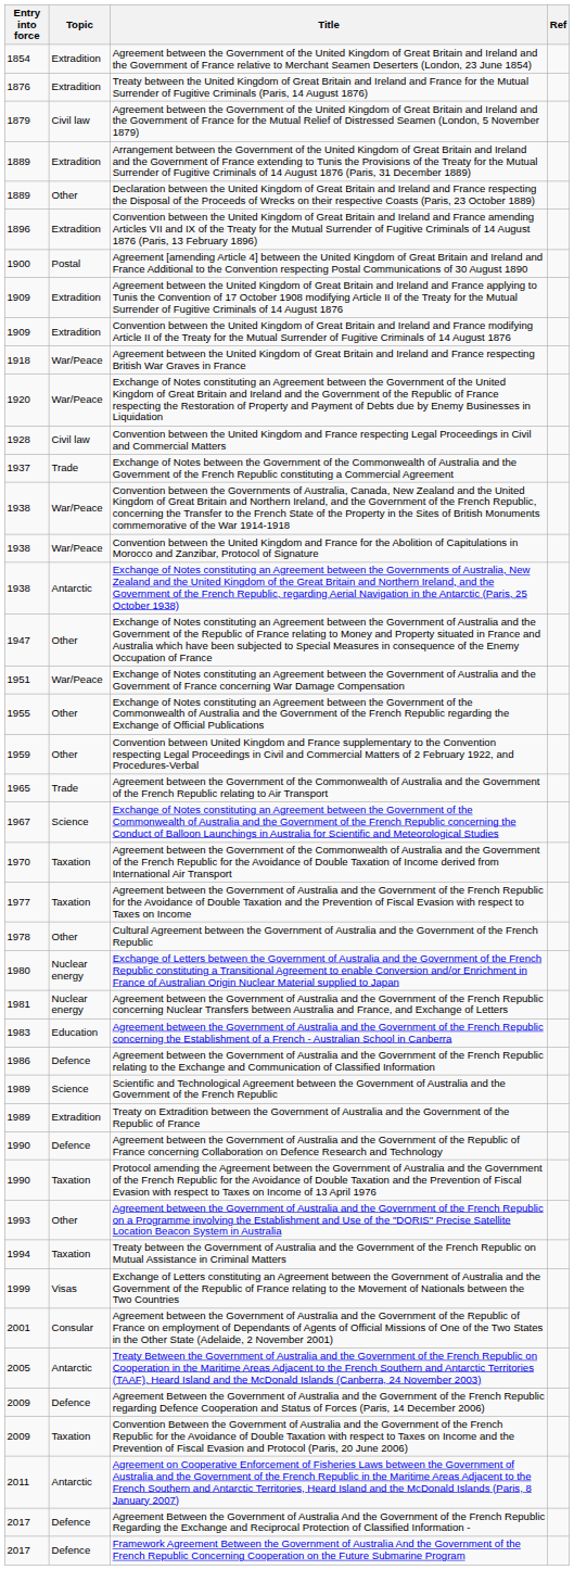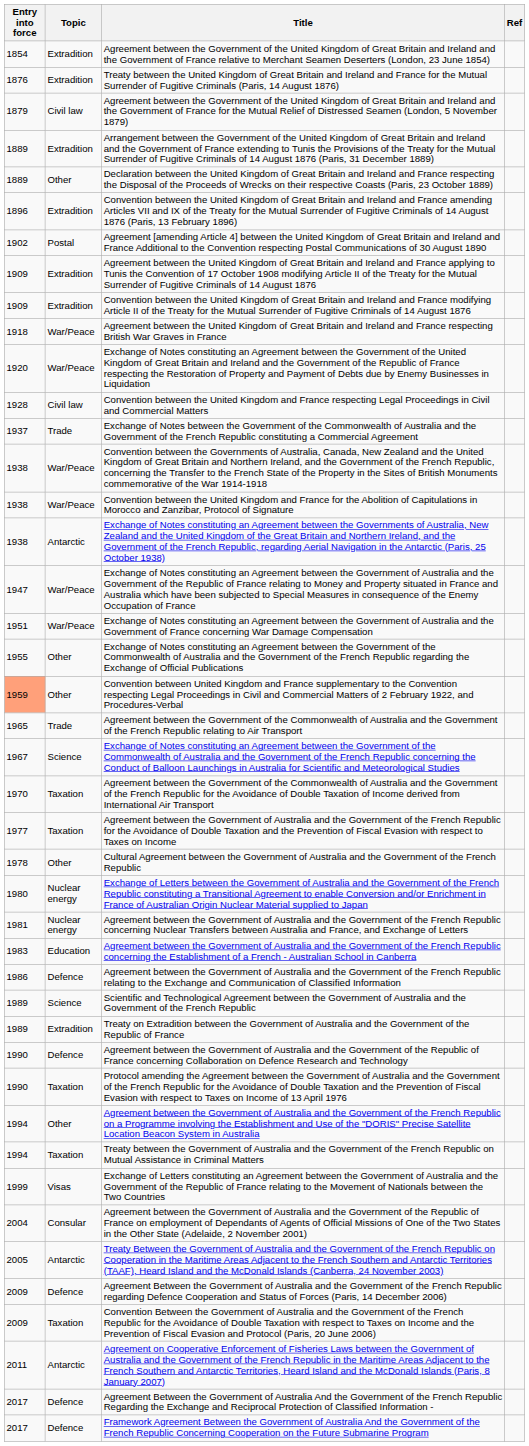 <table class="wikitable sortable">
 <tr>
 <th>Entry into force</th>
 <th>Topic</th>
 <th>Title</th>
 <th>Ref</th>
 </tr>
 <tr>
 <td>1854</td>
 <td>Extradition</td>
 <td>Agreement between the Government of the United Kingdom of Great Britain and Ireland and the Government of France relative to Merchant Seamen Deserters (London, 23 June 1854)</td>
 <td></td>
 </tr>
 <tr>
 <td>1876</td>
 <td>Extradition</td>
 <td>Treaty between the United Kingdom of Great Britain and Ireland and France for the Mutual Surrender of Fugitive Criminals (Paris, 14 August 1876)</td>
 <td></td>
 </tr>
 <tr>
 <td>1879</td>
 <td>Civil law</td>
 <td>Agreement between the Government of the United Kingdom of Great Britain and Ireland and the Government of France for the Mutual Relief of Distressed Seamen (London, 5 November 1879)</td>
 <td></td>
 </tr>
 <tr>
 <td>1889</td>
 <td>Extradition</td>
 <td>Arrangement between the Government of the United Kingdom of Great Britain and Ireland and the Government of France extending to Tunis the Provisions of the Treaty for the Mutual Surrender of Fugitive Criminals of 14 August 1876 (Paris, 31 December 1889)</td>
 <td></td>
 </tr>
 <tr>
 <td>1889</td>
 <td>Other</td>
 <td>Declaration between the United Kingdom of Great Britain and Ireland and France respecting the Disposal of the Proceeds of Wrecks on their respective Coasts (Paris, 23 October 1889)</td>
 <td></td>
 </tr>
 <tr>
 <td>1896</td>
 <td>Extradition</td>
 <td>Convention between the United Kingdom of Great Britain and Ireland and France amending Articles VII and IX of the Treaty for the Mutual Surrender of Fugitive Criminals of 14 August 1876 (Paris, 13 February 1896)</td>
 <td></td>
 </tr>
 <tr>
-<td>1900</td>
+<td>1902</td>
 <td>Postal</td>
 <td>Agreement [amending Article 4] between the United Kingdom of Great Britain and Ireland and France Additional to the Convention respecting Postal Communications of 30 August 1890</td>
 <td></td>
 </tr>
 <tr>
 <td>1909</td>
 <td>Extradition</td>
 <td>Agreement between the United Kingdom of Great Britain and Ireland and France applying to Tunis the Convention of 17 October 1908 modifying Article II of the Treaty for the Mutual Surrender of Fugitive Criminals of 14 August 1876</td>
 <td></td>
 </tr>
 <tr>
 <td>1909</td>
 <td>Extradition</td>
 <td>Convention between the United Kingdom of Great Britain and Ireland and France modifying Article II of the Treaty for the Mutual Surrender of Fugitive Criminals of 14 August 1876</td>
 <td></td>
 </tr>
 <tr>
 <td>1918</td>
 <td>War/Peace</td>
 <td>Agreement between the United Kingdom of Great Britain and Ireland and France respecting British War Graves in France</td>
 <td></td>
 </tr>
 <tr>
 <td>1920</td>
 <td>War/Peace</td>
 <td>Exchange of Notes constituting an Agreement between the Government of the United Kingdom of Great Britain and Ireland and the Government of the Republic of France respecting the Restoration of Property and Payment of Debts due by Enemy Businesses in Liquidation</td>
 <td></td>
 </tr>
 <tr>
 <td>1928</td>
 <td>Civil law</td>
 <td>Convention between the United Kingdom and France respecting Legal Proceedings in Civil and Commercial Matters</td>
 <td></td>
 </tr>
 <tr>
 <td>1937</td>
 <td>Trade</td>
 <td>Exchange of Notes between the Government of the Commonwealth of Australia and the Government of the French Republic constituting a Commercial Agreement</td>
 <td></td>
 </tr>
 <tr>
 <td>1938</td>
 <td>War/Peace</td>
 <td>Convention between the Governments of Australia, Canada, New Zealand and the United Kingdom of Great Britain and Northern Ireland, and the Government of the French Republic, concerning the Transfer to the French State of the Property in the Sites of British Monuments commemorative of the War 1914-1918</td>
 <td></td>
 </tr>
 <tr>
 <td>1938</td>
 <td>War/Peace</td>
 <td>Convention between the United Kingdom and France for the Abolition of Capitulations in Morocco and Zanzibar, Protocol of Signature</td>
 <td></td>
 </tr>
 <tr>
 <td>1938</td>
 <td>Antarctic</td>
 <td><a href='#'>Exchange of Notes constituting an Agreement between the Governments of Australia, New Zealand and the United Kingdom of the Great Britain and Northern Ireland, and the Government of the French Republic, regarding Aerial Navigation in the Antarctic (Paris, 25 October 1938)</a></td>
 <td></td>
 </tr>
 <tr>
 <td>1947</td>
-<td>Other</td>
+<td>War/Peace</td>
 <td>Exchange of Notes constituting an Agreement between the Government of Australia and the Government of the Republic of France relating to Money and Property situated in France and Australia which have been subjected to Special Measures in consequence of the Enemy Occupation of France</td>
 <td></td>
 </tr>
 <tr>
 <td>1951</td>
 <td>War/Peace</td>
 <td>Exchange of Notes constituting an Agreement between the Government of Australia and the Government of France concerning War Damage Compensation</td>
 <td></td>
 </tr>
 <tr>
 <td>1955</td>
 <td>Other</td>
 <td>Exchange of Notes constituting an Agreement between the Government of the Commonwealth of Australia and the Government of the French Republic regarding the Exchange of Official Publications</td>
 <td></td>
 </tr>
 <tr>
-<td>1959</td>
+<td style="background: lightsalmon;">1959</td>
 <td>Other</td>
 <td>Convention between United Kingdom and France supplementary to the Convention respecting Legal Proceedings in Civil and Commercial Matters of 2 February 1922, and Procedures-Verbal</td>
 <td></td>
 </tr>
 <tr>
 <td>1965</td>
 <td>Trade</td>
 <td>Agreement between the Government of the Commonwealth of Australia and the Government of the French Republic relating to Air Transport</td>
 <td></td>
 </tr>
 <tr>
 <td>1967</td>
 <td>Science</td>
 <td><a href='#'>Exchange of Notes constituting an Agreement between the Government of the Commonwealth of Australia and the Government of the French Republic concerning the Conduct of Balloon Launchings in Australia for Scientific and Meteorological Studies</a></td>
 <td></td>
 </tr>
 <tr>
 <td>1970</td>
 <td>Taxation</td>
 <td>Agreement between the Government of the Commonwealth of Australia and the Government of the French Republic for the Avoidance of Double Taxation of Income derived from International Air Transport</td>
 <td></td>
 </tr>
 <tr>
 <td>1977</td>
 <td>Taxation</td>
 <td>Agreement between the Government of Australia and the Government of the French Republic for the Avoidance of Double Taxation and the Prevention of Fiscal Evasion with respect to Taxes on Income</td>
 <td></td>
 </tr>
 <tr>
 <td>1978</td>
 <td>Other</td>
 <td>Cultural Agreement between the Government of Australia and the Government of the French Republic</td>
 <td></td>
 </tr>
 <tr>
 <td>1980</td>
 <td>Nuclear energy</td>
 <td><a href='#'>Exchange of Letters between the Government of Australia and the Government of the French Republic constituting a Transitional Agreement to enable Conversion and/or Enrichment in France of Australian Origin Nuclear Material supplied to Japan</a></td>
 <td></td>
 </tr>
 <tr>
 <td>1981</td>
 <td>Nuclear energy</td>
 <td>Agreement between the Government of Australia and the Government of the French Republic concerning Nuclear Transfers between Australia and France, and Exchange of Letters</td>
 <td></td>
 </tr>
 <tr>
 <td>1983</td>
 <td>Education</td>
 <td><a href='#'>Agreement between the Government of Australia and the Government of the French Republic concerning the Establishment of a French - Australian School in Canberra</a></td>
 <td></td>
 </tr>
 <tr>
 <td>1986</td>
 <td>Defence</td>
 <td>Agreement between the Government of Australia and the Government of the French Republic relating to the Exchange and Communication of Classified Information</td>
 <td></td>
 </tr>
 <tr>
 <td>1989</td>
 <td>Science</td>
 <td>Scientific and Technological Agreement between the Government of Australia and the Government of the French Republic</td>
 <td></td>
 </tr>
 <tr>
 <td>1989</td>
 <td>Extradition</td>
 <td>Treaty on Extradition between the Government of Australia and the Government of the Republic of France</td>
 <td></td>
 </tr>
 <tr>
 <td>1990</td>
 <td>Defence</td>
 <td>Agreement between the Government of Australia and the Government of the Republic of France concerning Collaboration on Defence Research and Technology</td>
 <td></td>
 </tr>
 <tr>
 <td>1990</td>
 <td>Taxation</td>
 <td>Protocol amending the Agreement between the Government of Australia and the Government of the French Republic for the Avoidance of Double Taxation and the Prevention of Fiscal Evasion with respect to Taxes on Income of 13 April 1976</td>
 <td></td>
 </tr>
 <tr>
-<td>1993</td>
+<td>1994</td>
 <td>Other</td>
 <td><a href='#'>Agreement between the Government of Australia and the Government of the French Republic on a Programme involving the Establishment and Use of the "DORIS" Precise Satellite Location Beacon System in Australia</a></td>
 <td></td>
 </tr>
 <tr>
 <td>1994</td>
 <td>Taxation</td>
 <td>Treaty between the Government of Australia and the Government of the French Republic on Mutual Assistance in Criminal Matters</td>
 <td></td>
 </tr>
 <tr>
 <td>1999</td>
 <td>Visas</td>
 <td>Exchange of Letters constituting an Agreement between the Government of Australia and the Government of the Republic of France relating to the Movement of Nationals between the Two Countries</td>
 <td></td>
 </tr>
 <tr>
-<td>2001</td>
+<td>2004</td>
 <td>Consular</td>
 <td>Agreement between the Government of Australia and the Government of the Republic of France on employment of Dependants of Agents of Official Missions of One of the Two States in the Other State (Adelaide, 2 November 2001)</td>
 <td></td>
 </tr>
 <tr>
 <td>2005</td>
 <td>Antarctic</td>
 <td><a href='#'>Treaty Between the Government of Australia and the Government of the French Republic on Cooperation in the Maritime Areas Adjacent to the French Southern and Antarctic Territories (TAAF), Heard Island and the McDonald Islands (Canberra, 24 November 2003)</a></td>
 <td></td>
 </tr>
 <tr>
 <td>2009</td>
 <td>Defence</td>
 <td>Agreement Between the Government of Australia and the Government of the French Republic regarding Defence Cooperation and Status of Forces (Paris, 14 December 2006)</td>
 <td></td>
 </tr>
 <tr>
 <td>2009</td>
 <td>Taxation</td>
 <td>Convention Between the Government of Australia and the Government of the French Republic for the Avoidance of Double Taxation with respect to Taxes on Income and the Prevention of Fiscal Evasion and Protocol (Paris, 20 June 2006)</td>
 <td></td>
 </tr>
 <tr>
 <td>2011</td>
 <td>Antarctic</td>
 <td><a href='#'>Agreement on Cooperative Enforcement of Fisheries Laws between the Government of Australia and the Government of the French Republic in the Maritime Areas Adjacent to the French Southern and Antarctic Territories, Heard Island and the McDonald Islands (Paris, 8 January 2007)</a></td>
 <td></td>
 </tr>
 <tr>
 <td>2017</td>
 <td>Defence</td>
 <td>Agreement Between the Government of Australia And the Government of the French Republic Regarding the Exchange and Reciprocal Protection of Classified Information -</td>
 <td></td>
 </tr>
 <tr>
 <td>2017</td>
 <td>Defence</td>
 <td><a href='#'>Framework Agreement Between the Government of Australia And the Government of the French Republic Concerning Cooperation on the Future Submarine Program</a></td>
 <td></td>
 </tr>
 </table>
